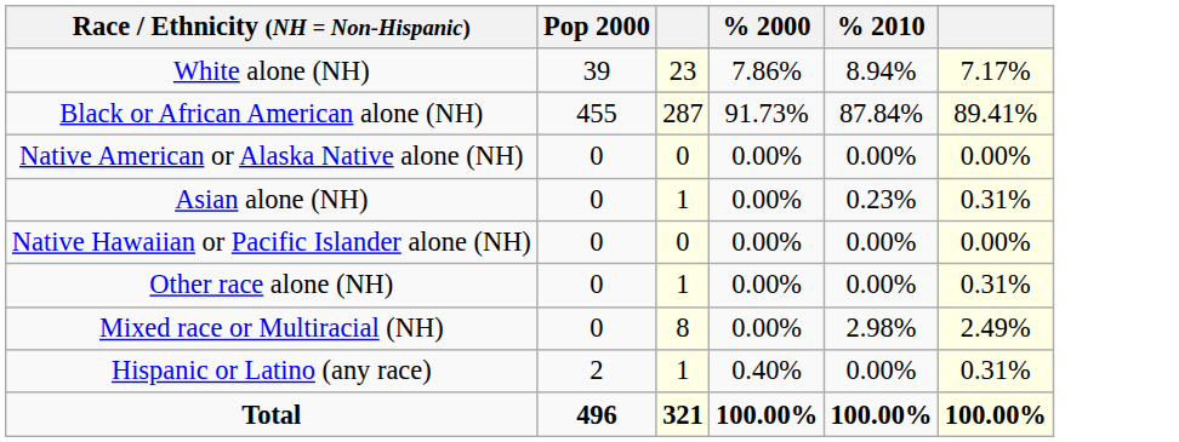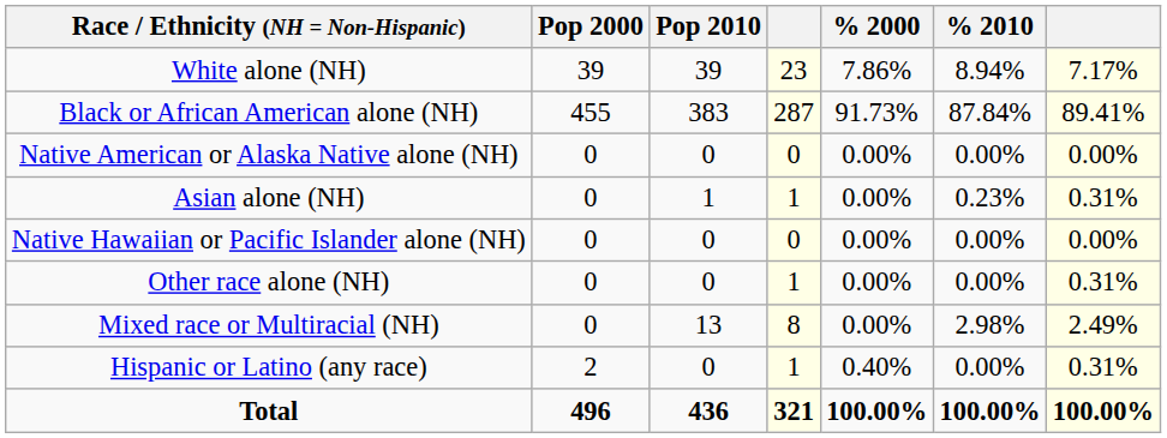 <table class="wikitable" style="text-align:center;">
 <tr>
 <th>Race / Ethnicity <small>(<em>NH = Non-Hispanic</em>)</small></th>
 <th>Pop 2000</th>
+<th>Pop 2010</th>
 <th></th>
 <th>% 2000</th>
 <th>% 2010</th>
 <th></th>
 </tr>
 <tr>
 <td><a href='#'>White</a> alone (NH)</td>
+<td>39</td>
 <td>39</td>
 <td style='background: #ffffe6;'>23</td>
 <td>7.86%</td>
 <td>8.94%</td>
 <td style='background: #ffffe6;'>7.17%</td>
 </tr>
 <tr>
 <td><a href='#'>Black or African American</a> alone (NH)</td>
 <td>455</td>
+<td>383</td>
 <td style='background: #ffffe6;'>287</td>
 <td>91.73%</td>
 <td>87.84%</td>
 <td style='background: #ffffe6;'>89.41%</td>
 </tr>
 <tr>
 <td><a href='#'>Native American</a> or <a href='#'>Alaska Native</a> alone (NH)</td>
+<td>0</td>
 <td>0</td>
 <td style='background: #ffffe6;'>0</td>
 <td>0.00%</td>
 <td>0.00%</td>
 <td style='background: #ffffe6;'>0.00%</td>
 </tr>
 <tr>
 <td><a href='#'>Asian</a> alone (NH)</td>
 <td>0</td>
+<td>1</td>
 <td style='background: #ffffe6;'>1</td>
 <td>0.00%</td>
 <td>0.23%</td>
 <td style='background: #ffffe6;'>0.31%</td>
 </tr>
 <tr>
 <td><a href='#'>Native Hawaiian</a> or <a href='#'>Pacific Islander</a> alone (NH)</td>
+<td>0</td>
 <td>0</td>
 <td style='background: #ffffe6;'>0</td>
 <td>0.00%</td>
 <td>0.00%</td>
 <td style='background: #ffffe6;'>0.00%</td>
 </tr>
 <tr>
 <td><a href='#'>Other race</a> alone (NH)</td>
 <td>0</td>
+<td>0</td>
 <td style='background: #ffffe6;'>1</td>
 <td>0.00%</td>
 <td>0.00%</td>
 <td style='background: #ffffe6;'>0.31%</td>
 </tr>
 <tr>
 <td><a href='#'>Mixed race or Multiracial</a> (NH)</td>
 <td>0</td>
+<td>13</td>
 <td style='background: #ffffe6;'>8</td>
 <td>0.00%</td>
 <td>2.98%</td>
 <td style='background: #ffffe6;'>2.49%</td>
 </tr>
 <tr>
 <td><a href='#'>Hispanic or Latino</a> (any race)</td>
 <td>2</td>
+<td>0</td>
 <td style='background: #ffffe6;'>1</td>
 <td>0.40%</td>
 <td>0.00%</td>
 <td style='background: #ffffe6;'>0.31%</td>
 </tr>
 <tr>
 <td><strong>Total</strong></td>
 <td><strong>496</strong></td>
+<td><strong>436</strong></td>
 <td style='background: #ffffe6;'><strong>321</strong></td>
 <td><strong>100.00%</strong></td>
 <td><strong>100.00%</strong></td>
 <td style='background: #ffffe6;'><strong>100.00%</strong></td>
 </tr>
 </table>
